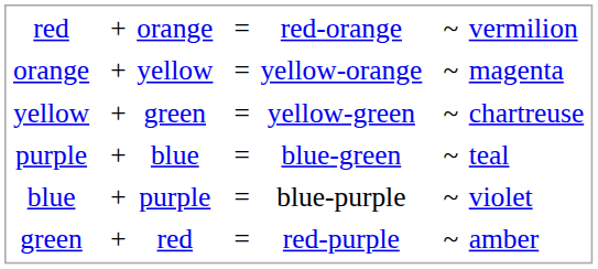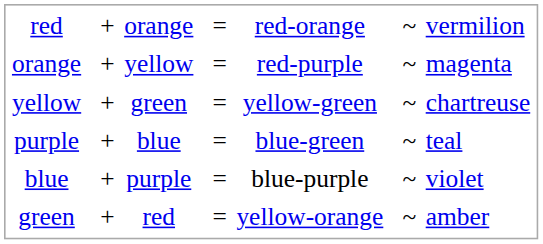 <table style="background-color:white; border:1px #aaa solid" cellpadding="2px">
 <tr>
 <td align="center"><a href='#'>red</a></td>
 <td></td>
 <td>+</td>
 <td align="center"><a href='#'>orange</a></td>
 <td></td>
 <td>=</td>
 <td align="center"><a href='#'>red-orange</a></td>
 <td></td>
 <td>~</td>
 <td><a href='#'>vermilion</a></td>
 </tr>
 <tr>
 <td align="center"><a href='#'>orange</a></td>
 <td></td>
 <td>+</td>
 <td align="center"><a href='#'>yellow</a></td>
 <td></td>
 <td>=</td>
-<td align="center"><a href='#'>yellow-orange</a></td>
+<td align="center"><a href='#'>red-purple</a></td>
 <td></td>
 <td>~</td>
 <td><a href='#'>magenta</a></td>
 </tr>
 <tr>
 <td align="center"><a href='#'>yellow</a></td>
 <td></td>
 <td>+</td>
 <td align="center"><a href='#'>green</a></td>
 <td></td>
 <td>=</td>
 <td align="center"><a href='#'>yellow-green</a></td>
 <td></td>
 <td>~</td>
 <td><a href='#'>chartreuse</a></td>
 </tr>
 <tr>
 <td align="center"><a href='#'>purple</a></td>
 <td></td>
 <td>+</td>
 <td align="center"><a href='#'>blue</a></td>
 <td></td>
 <td>=</td>
 <td align="center"><a href='#'>blue-green</a></td>
 <td></td>
 <td>~</td>
 <td><a href='#'>teal</a></td>
 </tr>
 <tr>
 <td align="center"><a href='#'>blue</a></td>
 <td></td>
 <td>+</td>
 <td align="center"><a href='#'>purple</a></td>
 <td></td>
 <td>=</td>
 <td align="center">blue-purple</td>
 <td></td>
 <td>~</td>
 <td><a href='#'>violet</a></td>
 </tr>
 <tr>
 <td align="center"><a href='#'>green</a></td>
 <td></td>
 <td>+</td>
 <td align="center"><a href='#'>red</a></td>
 <td></td>
 <td>=</td>
-<td align="center"><a href='#'>red-purple</a></td>
+<td align="center"><a href='#'>yellow-orange</a></td>
 <td></td>
 <td>~</td>
 <td><a href='#'>amber</a></td>
 </tr>
 </table>
